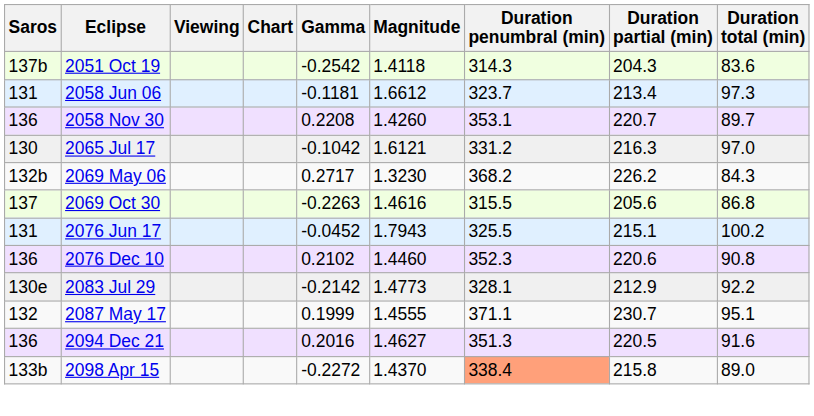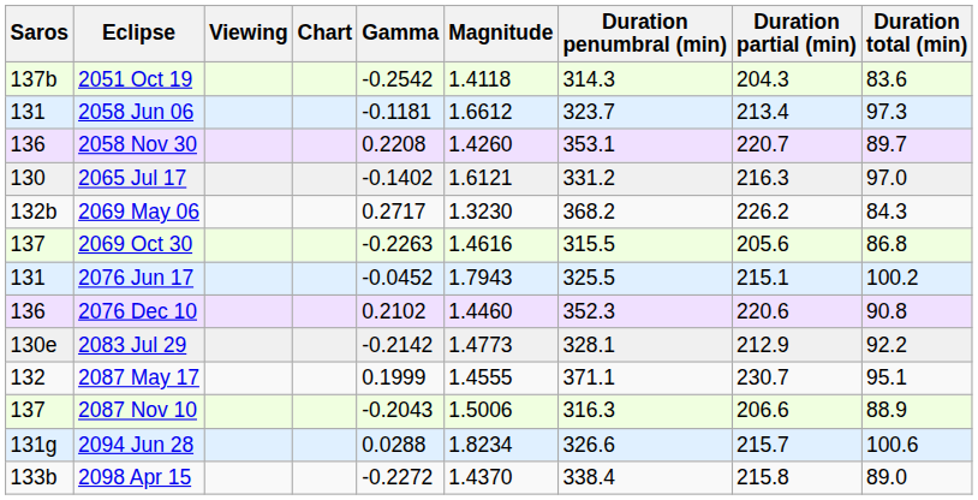 <table class="wikitable sortable">
 <tr>
 <th>Saros</th>
 <th>Eclipse</th>
 <th>Viewing</th>
 <th>Chart</th>
 <th>Gamma</th>
 <th>Magnitude</th>
 <th>Duration<br>penumbral (min)</th>
 <th>Duration<br>partial (min)</th>
 <th>Duration<br>total (min)</th>
 </tr>
 <tr BGCOLOR="#f0ffe0">
 <td>137b</td>
 <td><a href='#'>2051 Oct 19</a></td>
 <td></td>
 <td></td>
 <td>-0.2542</td>
 <td>1.4118</td>
 <td>314.3</td>
 <td>204.3</td>
 <td>83.6</td>
 </tr>
 <tr BGCOLOR="#e0f0ff">
 <td>131</td>
 <td><a href='#'>2058 Jun 06</a></td>
 <td></td>
 <td></td>
 <td>-0.1181</td>
 <td>1.6612</td>
 <td>323.7</td>
 <td>213.4</td>
 <td>97.3</td>
 </tr>
 <tr BGCOLOR="#f0e0ff">
 <td>136</td>
 <td><a href='#'>2058 Nov 30</a></td>
 <td></td>
 <td></td>
 <td>0.2208</td>
 <td>1.4260</td>
 <td>353.1</td>
 <td>220.7</td>
 <td>89.7</td>
 </tr>
 <tr BGCOLOR="#f0f0f0">
 <td>130</td>
 <td><a href='#'>2065 Jul 17</a></td>
 <td></td>
 <td></td>
-<td>-0.1042</td>
+<td>-0.1402</td>
 <td>1.6121</td>
 <td>331.2</td>
 <td>216.3</td>
 <td>97.0</td>
 </tr>
 <tr>
 <td>132b</td>
 <td><a href='#'>2069 May 06</a></td>
 <td></td>
 <td></td>
 <td>0.2717</td>
 <td>1.3230</td>
 <td>368.2</td>
 <td>226.2</td>
 <td>84.3</td>
 </tr>
 <tr BGCOLOR="#f0ffe0">
 <td>137</td>
 <td><a href='#'>2069 Oct 30</a></td>
 <td></td>
 <td></td>
 <td>-0.2263</td>
 <td>1.4616</td>
 <td>315.5</td>
 <td>205.6</td>
 <td>86.8</td>
 </tr>
 <tr BGCOLOR="#e0f0ff">
 <td>131</td>
 <td><a href='#'>2076 Jun 17</a></td>
 <td></td>
 <td></td>
 <td>-0.0452</td>
 <td>1.7943</td>
 <td>325.5</td>
 <td>215.1</td>
 <td>100.2</td>
 </tr>
 <tr BGCOLOR="#f0e0ff">
 <td>136</td>
 <td><a href='#'>2076 Dec 10</a></td>
 <td></td>
 <td></td>
 <td>0.2102</td>
 <td>1.4460</td>
 <td>352.3</td>
 <td>220.6</td>
 <td>90.8</td>
 </tr>
 <tr BGCOLOR="#f0f0f0">
 <td>130e</td>
 <td><a href='#'>2083 Jul 29</a></td>
 <td></td>
 <td></td>
 <td>-0.2142</td>
 <td>1.4773</td>
 <td>328.1</td>
 <td>212.9</td>
 <td>92.2</td>
 </tr>
 <tr>
 <td>132</td>
 <td><a href='#'>2087 May 17</a></td>
 <td></td>
 <td></td>
 <td>0.1999</td>
 <td>1.4555</td>
 <td>371.1</td>
 <td>230.7</td>
 <td>95.1</td>
 </tr>
-<tr BGCOLOR="#f0e0ff">
-<td>136</td>
-<td><a href='#'>2094 Dec 21</a></td>
+<tr BGCOLOR="#f0ffe0">
+<td>137</td>
+<td><a href='#'>2087 Nov 10</a></td>
 <td></td>
 <td></td>
-<td>0.2016</td>
-<td>1.4627</td>
-<td>351.3</td>
-<td>220.5</td>
-<td>91.6</td>
+<td>-0.2043</td>
+<td>1.5006</td>
+<td>316.3</td>
+<td>206.6</td>
+<td>88.9</td>
+</tr>
+<tr BGCOLOR="#e0f0ff">
+<td>131g</td>
+<td><a href='#'>2094 Jun 28</a></td>
+<td></td>
+<td></td>
+<td>0.0288</td>
+<td>1.8234</td>
+<td>326.6</td>
+<td>215.7</td>
+<td>100.6</td>
 </tr>
 <tr>
 <td>133b</td>
 <td><a href='#'>2098 Apr 15</a></td>
 <td></td>
 <td></td>
 <td>-0.2272</td>
 <td>1.4370</td>
-<td style="background: lightsalmon;">338.4</td>
+<td>338.4</td>
 <td>215.8</td>
 <td>89.0</td>
 </tr>
 </table>
